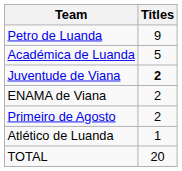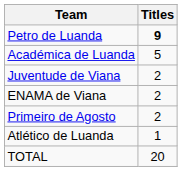 <table class="wikitable" style="font-size:90%">
 <tr>
 <th>Team</th>
 <th>Titles</th>
 </tr>
 <tr>
 <td><a href='#'>Petro de Luanda</a></td>
-<td align=center>9</td>
+<td align=center><strong>9</strong></td>
 </tr>
 <tr>
 <td><a href='#'>Académica de Luanda</a></td>
 <td align=center>5</td>
 </tr>
 <tr>
 <td><a href='#'>Juventude de Viana</a></td>
-<td align=center><strong>2</strong></td>
+<td align=center>2</td>
 </tr>
 <tr>
 <td>ENAMA de Viana</td>
 <td align=center>2</td>
 </tr>
 <tr>
 <td><a href='#'>Primeiro de Agosto</a></td>
 <td align=center>2</td>
 </tr>
 <tr>
 <td>Atlético de Luanda</td>
 <td align=center>1</td>
 </tr>
 <tr>
 <td>TOTAL</td>
 <td align=center>20</td>
 </tr>
 </table>
